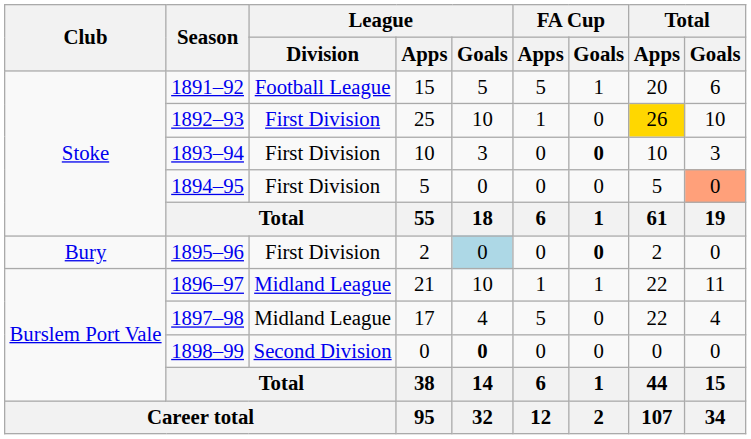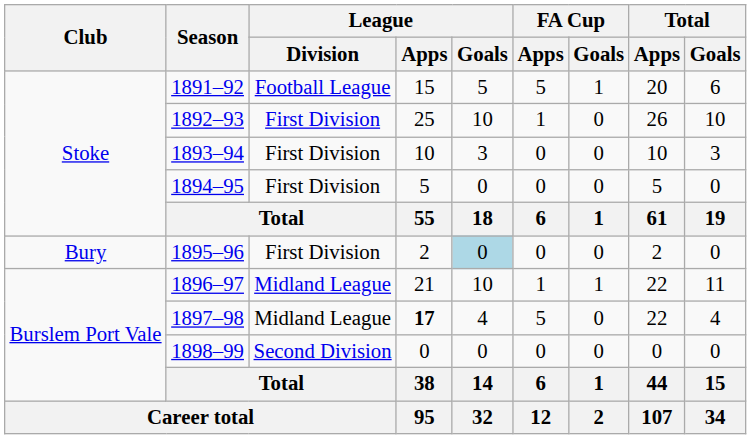 <table class="wikitable" style="text-align: center;">
 <tr>
 <th rowspan="2">Club</th>
 <th rowspan="2">Season</th>
 <th colspan="3">League</th>
 <th colspan="2">FA Cup</th>
 <th colspan="2">Total</th>
 </tr>
 <tr>
 <th>Division</th>
 <th>Apps</th>
 <th>Goals</th>
 <th>Apps</th>
 <th>Goals</th>
 <th>Apps</th>
 <th>Goals</th>
 </tr>
 <tr>
 <td rowspan="5"><a href='#'>Stoke</a></td>
 <td><a href='#'>1891–92</a></td>
 <td><a href='#'>Football League</a></td>
 <td>15</td>
 <td>5</td>
 <td>5</td>
 <td>1</td>
 <td>20</td>
 <td>6</td>
 </tr>
 <tr>
 <td><a href='#'>1892–93</a></td>
 <td><a href='#'>First Division</a></td>
 <td>25</td>
 <td>10</td>
 <td>1</td>
 <td>0</td>
-<td style="background: gold;">26</td>
+<td>26</td>
 <td>10</td>
 </tr>
 <tr>
 <td><a href='#'>1893–94</a></td>
 <td>First Division</td>
 <td>10</td>
 <td>3</td>
 <td>0</td>
-<td><strong>0</strong></td>
+<td>0</td>
 <td>10</td>
 <td>3</td>
 </tr>
 <tr>
 <td><a href='#'>1894–95</a></td>
 <td>First Division</td>
 <td>5</td>
 <td>0</td>
 <td>0</td>
 <td>0</td>
 <td>5</td>
-<td style="background: lightsalmon;">0</td>
+<td>0</td>
 </tr>
 <tr>
 <th colspan="2">Total</th>
 <th>55</th>
 <th>18</th>
 <th>6</th>
 <th>1</th>
 <th>61</th>
 <th>19</th>
 </tr>
 <tr>
 <td><a href='#'>Bury</a></td>
 <td><a href='#'>1895–96</a></td>
 <td>First Division</td>
 <td>2</td>
 <td style="background: lightblue;">0</td>
 <td>0</td>
-<td><strong>0</strong></td>
+<td>0</td>
 <td>2</td>
 <td>0</td>
 </tr>
 <tr>
 <td rowspan="4"><a href='#'>Burslem Port Vale</a></td>
 <td><a href='#'>1896–97</a></td>
 <td><a href='#'>Midland League</a></td>
 <td>21</td>
 <td>10</td>
 <td>1</td>
 <td>1</td>
 <td>22</td>
 <td>11</td>
 </tr>
 <tr>
 <td><a href='#'>1897–98</a></td>
 <td>Midland League</td>
-<td>17</td>
+<td><strong>17</strong></td>
 <td>4</td>
 <td>5</td>
 <td>0</td>
 <td>22</td>
 <td>4</td>
 </tr>
 <tr>
 <td><a href='#'>1898–99</a></td>
 <td><a href='#'>Second Division</a></td>
 <td>0</td>
-<td><strong>0</strong></td>
+<td>0</td>
 <td>0</td>
 <td>0</td>
 <td>0</td>
 <td>0</td>
 </tr>
 <tr>
 <th colspan="2">Total</th>
 <th>38</th>
 <th>14</th>
 <th>6</th>
 <th>1</th>
 <th>44</th>
 <th>15</th>
 </tr>
 <tr>
 <th colspan="3">Career total</th>
 <th>95</th>
 <th>32</th>
 <th>12</th>
 <th>2</th>
 <th>107</th>
 <th>34</th>
 </tr>
 </table>
